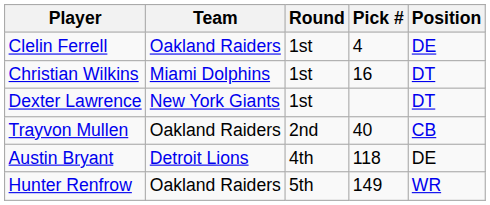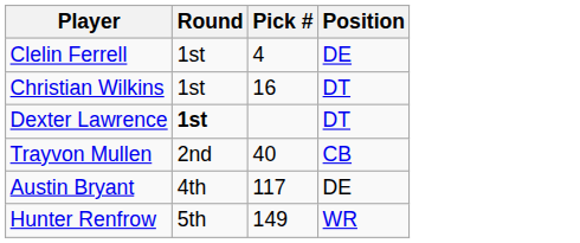 <table class="wikitable">
 <tr>
 <th>Player</th>
-<th>Team</th>
 <th>Round</th>
 <th>Pick #</th>
 <th>Position</th>
 </tr>
 <tr>
 <td><a href='#'>Clelin Ferrell</a></td>
-<td><a href='#'>Oakland Raiders</a></td>
 <td>1st</td>
 <td>4</td>
 <td><a href='#'>DE</a></td>
 </tr>
 <tr>
 <td><a href='#'>Christian Wilkins</a></td>
-<td><a href='#'>Miami Dolphins</a></td>
 <td>1st</td>
 <td>16</td>
 <td><a href='#'>DT</a></td>
 </tr>
 <tr>
 <td><a href='#'>Dexter Lawrence</a></td>
-<td><a href='#'>New York Giants</a></td>
-<td>1st</td>
+<td><strong>1st</strong></td>
 <td></td>
 <td><a href='#'>DT</a></td>
 </tr>
 <tr>
 <td><a href='#'>Trayvon Mullen</a></td>
-<td>Oakland Raiders</td>
 <td>2nd</td>
 <td>40</td>
 <td><a href='#'>CB</a></td>
 </tr>
 <tr>
 <td><a href='#'>Austin Bryant</a></td>
-<td><a href='#'>Detroit Lions</a></td>
 <td>4th</td>
-<td>118</td>
+<td>117</td>
 <td>DE</td>
 </tr>
 <tr>
 <td><a href='#'>Hunter Renfrow</a></td>
-<td>Oakland Raiders</td>
 <td>5th</td>
 <td>149</td>
 <td><a href='#'>WR</a></td>
 </tr>
 </table>
